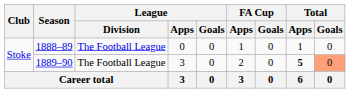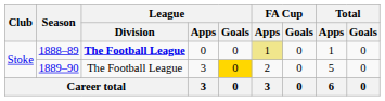 <table class="wikitable" style="text-align: center;">
 <tr>
 <th rowspan="2">Club</th>
 <th rowspan="2">Season</th>
 <th colspan="3">League</th>
 <th colspan="2">FA Cup</th>
 <th colspan="2">Total</th>
 </tr>
 <tr>
 <th>Division</th>
 <th>Apps</th>
 <th>Goals</th>
 <th>Apps</th>
 <th>Goals</th>
 <th>Apps</th>
 <th>Goals</th>
 </tr>
 <tr>
 <td rowspan="2"><a href='#'>Stoke</a></td>
 <td><a href='#'>1888–89</a></td>
-<td><a href='#'>The Football League</a></td>
+<td><strong><a href='#'>The Football League</a></strong></td>
 <td>0</td>
 <td>0</td>
-<td>1</td>
+<td style="background: khaki;">1</td>
 <td>0</td>
 <td>1</td>
 <td>0</td>
 </tr>
 <tr>
 <td><a href='#'>1889–90</a></td>
 <td>The Football League</td>
 <td>3</td>
-<td>0</td>
+<td style="background: gold;">0</td>
 <td>2</td>
 <td>0</td>
-<td><strong>5</strong></td>
-<td style="background: lightsalmon;">0</td>
+<td>5</td>
+<td>0</td>
 </tr>
 <tr>
 <th colspan=3>Career total</th>
 <th>3</th>
 <th>0</th>
 <th>3</th>
 <th>0</th>
 <th>6</th>
 <th>0</th>
 </tr>
 </table>
